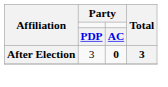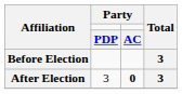 <table class="wikitable" style="text-align:center">
 <tr>
 <th rowspan="3">Affiliation</th>
 <th colspan="2">Party</th>
 <th rowspan="3">Total</th>
 </tr>
 <tr>
 <td style="background-color:"></td>
 <td style="background-color:"></td>
 </tr>
 <tr>
 <th><a href='#'>PDP</a></th>
 <th><a href='#'>AC</a></th>
 </tr>
 <tr>
+<th>Before Election</th>
+<td></td>
+<td></td>
+<th>3</th>
+</tr>
+<tr>
 <th>After Election</th>
 <td>3</td>
 <td><strong>0</strong></td>
 <th>3</th>
 </tr>
 <tr>
 </tr>
 </table>
